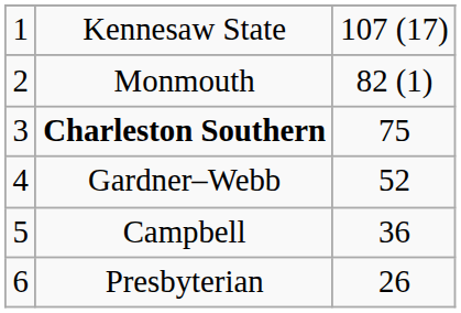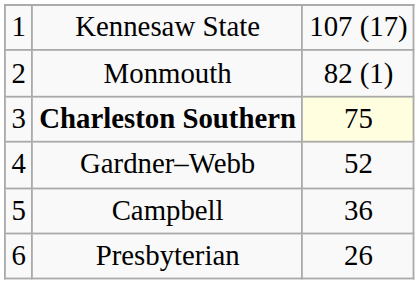 <table class="wikitable">
 <tr align="center">
 </tr>
 <tr align="center">
 <td>1</td>
 <td>Kennesaw State</td>
 <td>107 (17)</td>
 </tr>
 <tr align="center">
 <td>2</td>
 <td>Monmouth</td>
 <td>82 (1)</td>
 </tr>
 <tr align="center">
 <td>3</td>
 <td><strong>Charleston Southern</strong></td>
-<td>75</td>
+<td style="background: lightyellow;">75</td>
 </tr>
 <tr align="center">
 <td>4</td>
 <td>Gardner–Webb</td>
 <td>52</td>
 </tr>
 <tr align="center">
 <td>5</td>
 <td>Campbell</td>
 <td>36</td>
 </tr>
 <tr align="center">
 <td>6</td>
 <td>Presbyterian</td>
 <td>26</td>
 </tr>
 </table>
